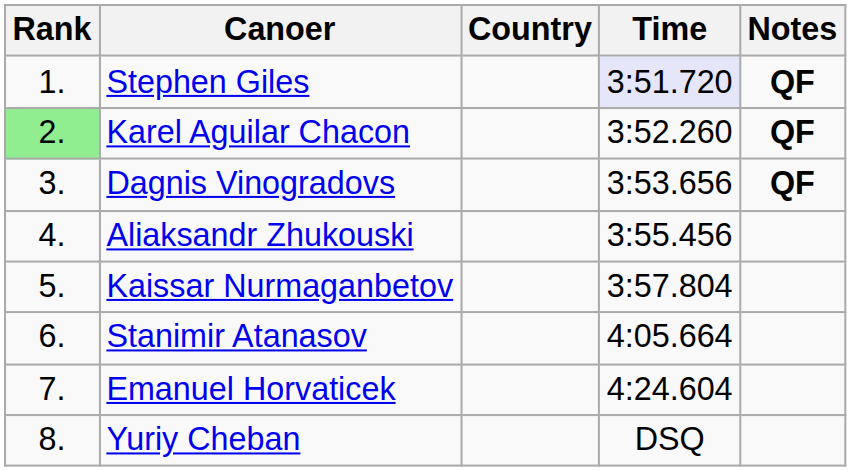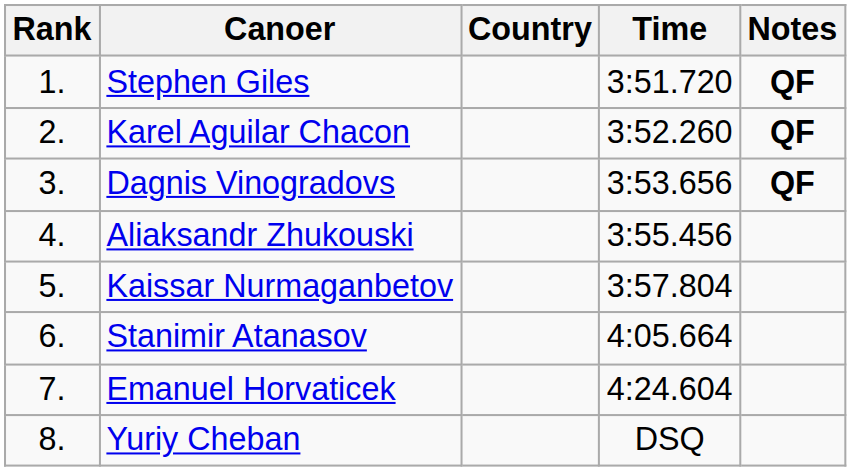 <table class="wikitable sortable" style="text-align:center">
 <tr>
 <th>Rank</th>
 <th>Canoer</th>
 <th>Country</th>
 <th>Time</th>
 <th>Notes</th>
 </tr>
 <tr>
 <td>1.</td>
 <td align=left athlete><a href='#'>Stephen Giles</a></td>
 <td align=left athlete></td>
-<td style="background: lavender;">3:51.720</td>
+<td>3:51.720</td>
 <td><strong>QF</strong></td>
 </tr>
 <tr>
-<td style="background: lightgreen;">2.</td>
+<td>2.</td>
 <td align=left athlete><a href='#'>Karel Aguilar Chacon</a></td>
 <td align=left athlete></td>
 <td>3:52.260</td>
 <td><strong>QF</strong></td>
 </tr>
 <tr>
 <td>3.</td>
 <td align=left athlete><a href='#'>Dagnis Vinogradovs</a></td>
 <td align=left athlete></td>
 <td>3:53.656</td>
 <td><strong>QF</strong></td>
 </tr>
 <tr>
 <td>4.</td>
 <td align=left athlete><a href='#'>Aliaksandr Zhukouski</a></td>
 <td align=left athlete></td>
 <td>3:55.456</td>
 <td></td>
 </tr>
 <tr>
 <td>5.</td>
 <td align=left athlete><a href='#'>Kaissar Nurmaganbetov</a></td>
 <td align=left athlete></td>
 <td>3:57.804</td>
 <td></td>
 </tr>
 <tr>
 <td>6.</td>
 <td align=left athlete><a href='#'>Stanimir Atanasov</a></td>
 <td align=left athlete></td>
 <td>4:05.664</td>
 <td></td>
 </tr>
 <tr>
 <td>7.</td>
 <td align=left athlete><a href='#'>Emanuel Horvaticek</a></td>
 <td align=left athlete></td>
 <td>4:24.604</td>
 <td></td>
 </tr>
 <tr>
 <td>8.</td>
 <td align=left athlete><a href='#'>Yuriy Cheban</a></td>
 <td align=left athlete></td>
 <td>DSQ</td>
 </tr>
 </table>
